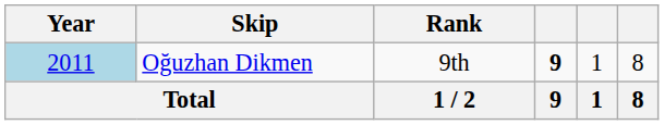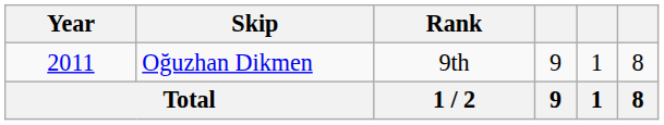 <table class="wikitable" style="text-align: center;">
 <tr>
 <th width="80">Year</th>
 <th width="150">Skip</th>
 <th width="100">Rank</th>
 <th width="20"></th>
 <th width="20"></th>
 <th width="20"></th>
 </tr>
 <tr>
-<td style="background: lightblue;"> <a href='#'>2011</a></td>
+<td> <a href='#'>2011</a></td>
 <td align=left><a href='#'>Oğuzhan Dikmen</a></td>
 <td>9th</td>
-<td><strong>9</strong></td>
+<td>9</td>
 <td>1</td>
 <td>8</td>
 </tr>
 <tr>
 <th colspan=2>Total</th>
 <th>1 / 2</th>
 <th>9</th>
 <th>1</th>
 <th>8</th>
 </tr>
 </table>
